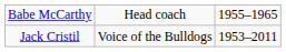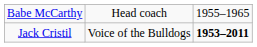 <table class="wikitable" style="text-align:center">
 <tr>
 <td><a href='#'>Babe McCarthy</a></td>
 <td>Head coach</td>
 <td>1955–1965</td>
 </tr>
 <tr>
 <td><a href='#'>Jack Cristil</a></td>
 <td>Voice of the Bulldogs</td>
-<td>1953–2011</td>
+<td><strong>1953–2011</strong></td>
 </tr>
 </table>
